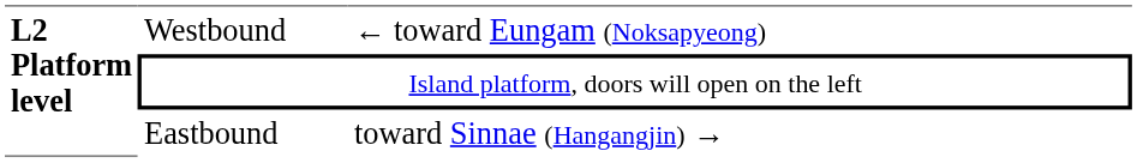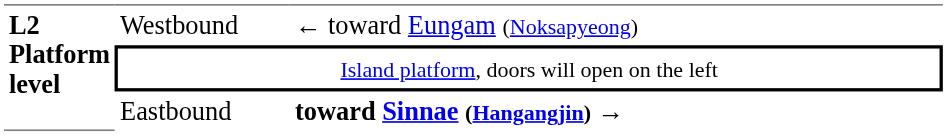 <table table border=0 cellspacing=0 cellpadding=3>
 <tr>
 <td style="border-top:solid 1px gray;border-bottom:solid 1px gray;" width=50 rowspan=10 valign=top><strong>L2<br>Platform level</strong></td>
 <td style="border-bottom:solid 0px gray;border-top:solid 1px gray;" width=100>Westbound</td>
 <td style="border-bottom:solid 0px gray;border-top:solid 1px gray;" width=390>←  toward <a href='#'>Eungam</a> <small>(<a href='#'>Noksapyeong</a>)</small></td>
 </tr>
 <tr>
 <td style="border-top:solid 2px black;border-right:solid 2px black;border-left:solid 2px black;border-bottom:solid 2px black;text-align:center;" colspan=2><small><a href='#'>Island platform</a>, doors will open on the left </small></td>
 </tr>
 <tr>
 <td>Eastbound</td>
-<td>  toward <a href='#'>Sinnae</a> <small>(<a href='#'>Hangangjin</a>)</small> →</td>
+<td><strong>  toward <a href='#'>Sinnae</a> <small>(<a href='#'>Hangangjin</a>)</small> →</strong></td>
 </tr>
 </table>
